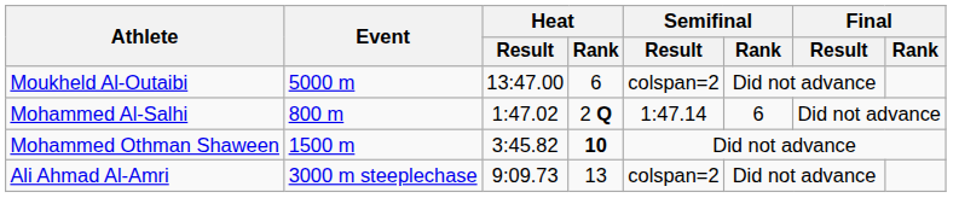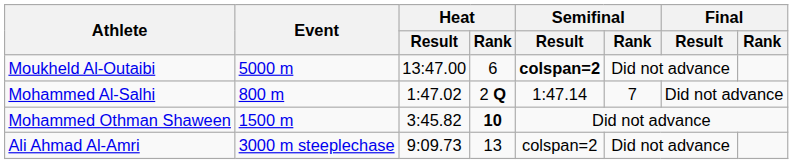 <table class=wikitable style="font-size:90%">
 <tr>
 <th rowspan="2">Athlete</th>
 <th rowspan="2">Event</th>
 <th colspan="2">Heat</th>
 <th colspan="2">Semifinal</th>
 <th colspan="2">Final</th>
 </tr>
 <tr style="font-size:95%">
 <th>Result</th>
 <th>Rank</th>
 <th>Result</th>
 <th>Rank</th>
 <th>Result</th>
 <th>Rank</th>
 </tr>
 <tr align=center>
 <td align=left><a href='#'>Moukheld Al-Outaibi</a></td>
 <td align=left><a href='#'>5000 m</a></td>
 <td>13:47.00</td>
 <td>6</td>
-<td>colspan=2 </td>
+<td><strong>colspan=2 </strong></td>
 <td colspan=2>Did not advance</td>
 </tr>
 <tr align=center>
 <td align=left><a href='#'>Mohammed Al-Salhi</a></td>
 <td align=left><a href='#'>800 m</a></td>
 <td>1:47.02</td>
 <td>2 <strong>Q</strong></td>
 <td>1:47.14</td>
-<td>6</td>
+<td>7</td>
 <td colspan=4>Did not advance</td>
 </tr>
 <tr align=center>
 <td align=left><a href='#'>Mohammed Othman Shaween</a></td>
 <td align=left><a href='#'>1500 m</a></td>
 <td>3:45.82</td>
 <td><strong>10</strong></td>
 <td colspan=4>Did not advance</td>
 </tr>
 <tr align=center>
 <td align=left><a href='#'>Ali Ahmad Al-Amri</a></td>
 <td align=left><a href='#'>3000 m steeplechase</a></td>
 <td>9:09.73</td>
 <td>13</td>
 <td>colspan=2 </td>
 <td colspan=2>Did not advance</td>
 </tr>
 </table>
